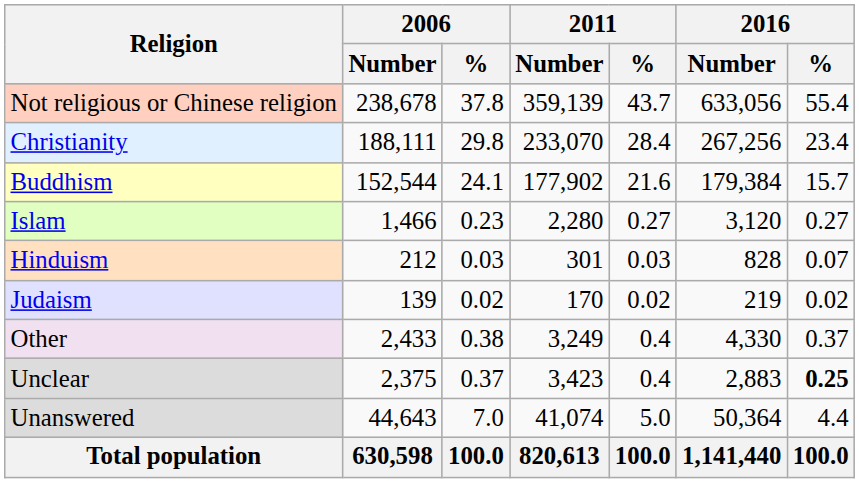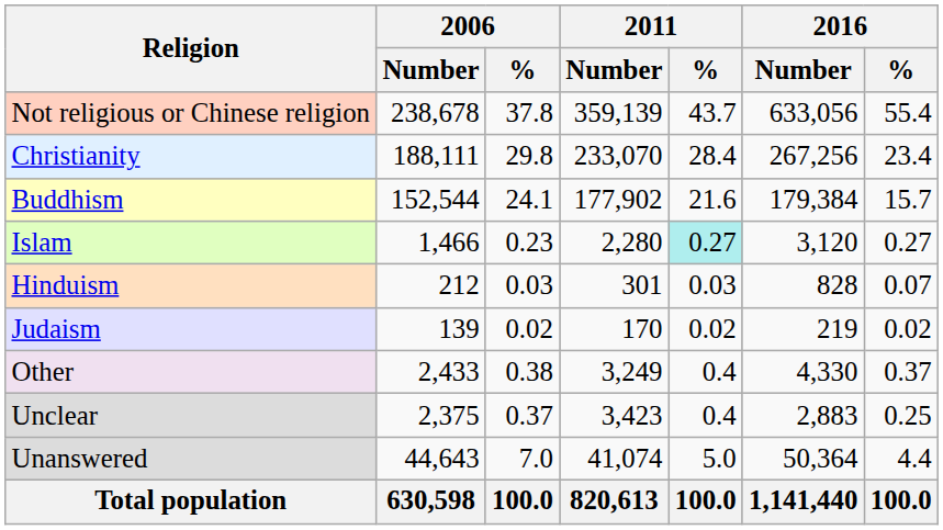 <table class="wikitable">
 <tr>
 <th rowspan="2">Religion</th>
 <th colspan="2">2006</th>
 <th colspan="2">2011</th>
 <th colspan="2">2016</th>
 </tr>
 <tr>
 <th>Number</th>
 <th>%</th>
 <th>Number</th>
 <th>%</th>
 <th>Number</th>
 <th>%</th>
 </tr>
 <tr>
 <td style="background:#FFD0C0;">Not religious or Chinese religion</td>
 <td align=right>238,678</td>
 <td align=right>37.8</td>
 <td align=right>359,139</td>
 <td align=right>43.7</td>
 <td align=right>633,056</td>
 <td align=right>55.4</td>
 </tr>
 <tr>
 <td style="background:#E0F0FF;"><a href='#'>Christianity</a></td>
 <td align=right>188,111</td>
 <td align=right>29.8</td>
 <td align=right>233,070</td>
 <td align=right>28.4</td>
 <td align=right>267,256</td>
 <td align=right>23.4</td>
 </tr>
 <tr>
 <td style="background:#FFFFC0;"><a href='#'>Buddhism</a></td>
 <td align=right>152,544</td>
 <td align=right>24.1</td>
 <td align=right>177,902</td>
 <td align=right>21.6</td>
 <td align=right>179,384</td>
 <td align=right>15.7</td>
 </tr>
 <tr>
 <td style="background:#E0FFC0;"><a href='#'>Islam</a></td>
 <td align=right>1,466</td>
 <td align=right>0.23</td>
 <td align=right>2,280</td>
-<td align=right>0.27</td>
+<td align=right style="background: paleturquoise;">0.27</td>
 <td align=right>3,120</td>
 <td align=right>0.27</td>
 </tr>
 <tr>
 <td style="background:#FFE0C0;"><a href='#'>Hinduism</a></td>
 <td align=right>212</td>
 <td align=right>0.03</td>
 <td align=right>301</td>
 <td align=right>0.03</td>
 <td align=right>828</td>
 <td align=right>0.07</td>
 </tr>
 <tr>
 <td style="background:#E0E0FF;"><a href='#'>Judaism</a></td>
 <td align=right>139</td>
 <td align=right>0.02</td>
 <td align=right>170</td>
 <td align=right>0.02</td>
 <td align=right>219</td>
 <td align=right>0.02</td>
 </tr>
 <tr>
 <td style="background:#F0E0F0;">Other</td>
 <td align=right>2,433</td>
 <td align=right>0.38</td>
 <td align=right>3,249</td>
 <td align=right>0.4</td>
 <td align=right>4,330</td>
 <td align=right>0.37</td>
 </tr>
 <tr>
 <td style="background:Gainsboro;">Unclear</td>
 <td align=right>2,375</td>
 <td align=right>0.37</td>
 <td align=right>3,423</td>
 <td align=right>0.4</td>
 <td align=right>2,883</td>
-<td align=right><strong>0.25</strong></td>
+<td align=right>0.25</td>
 </tr>
 <tr>
 <td style="background:Gainsboro;">Unanswered</td>
 <td align=right>44,643</td>
 <td align=right>7.0</td>
 <td align=right>41,074</td>
 <td align=right>5.0</td>
 <td align=right>50,364</td>
 <td align=right>4.4</td>
 </tr>
 <tr>
 <th>Total population</th>
 <th align=right>630,598</th>
 <th align=right>100.0</th>
 <th align=right>820,613</th>
 <th align=right>100.0</th>
 <th align=right>1,141,440</th>
 <th align=right>100.0</th>
 </tr>
 </table>
